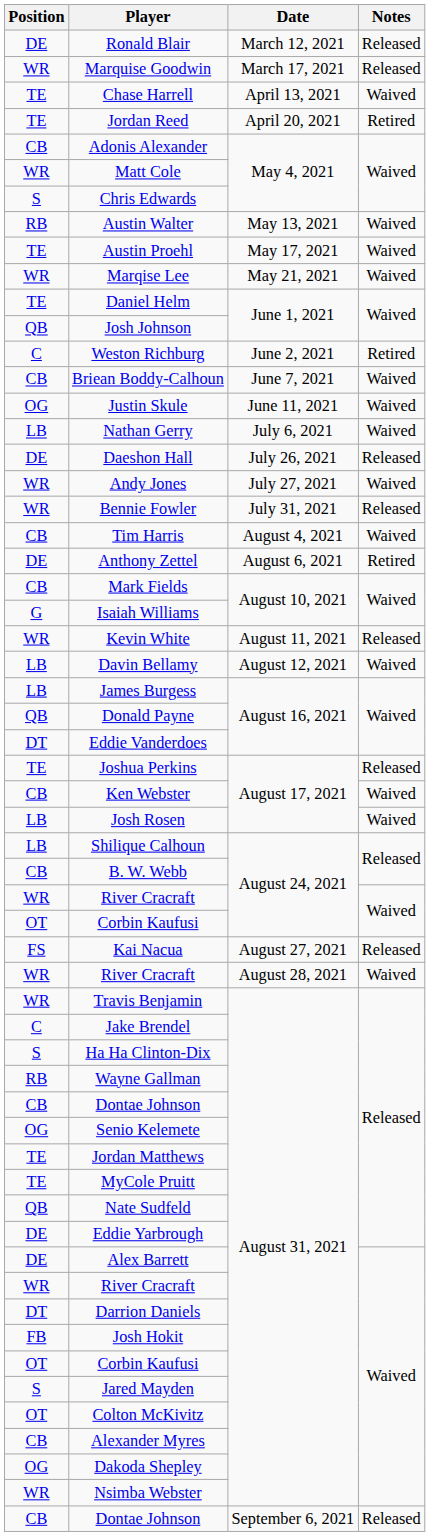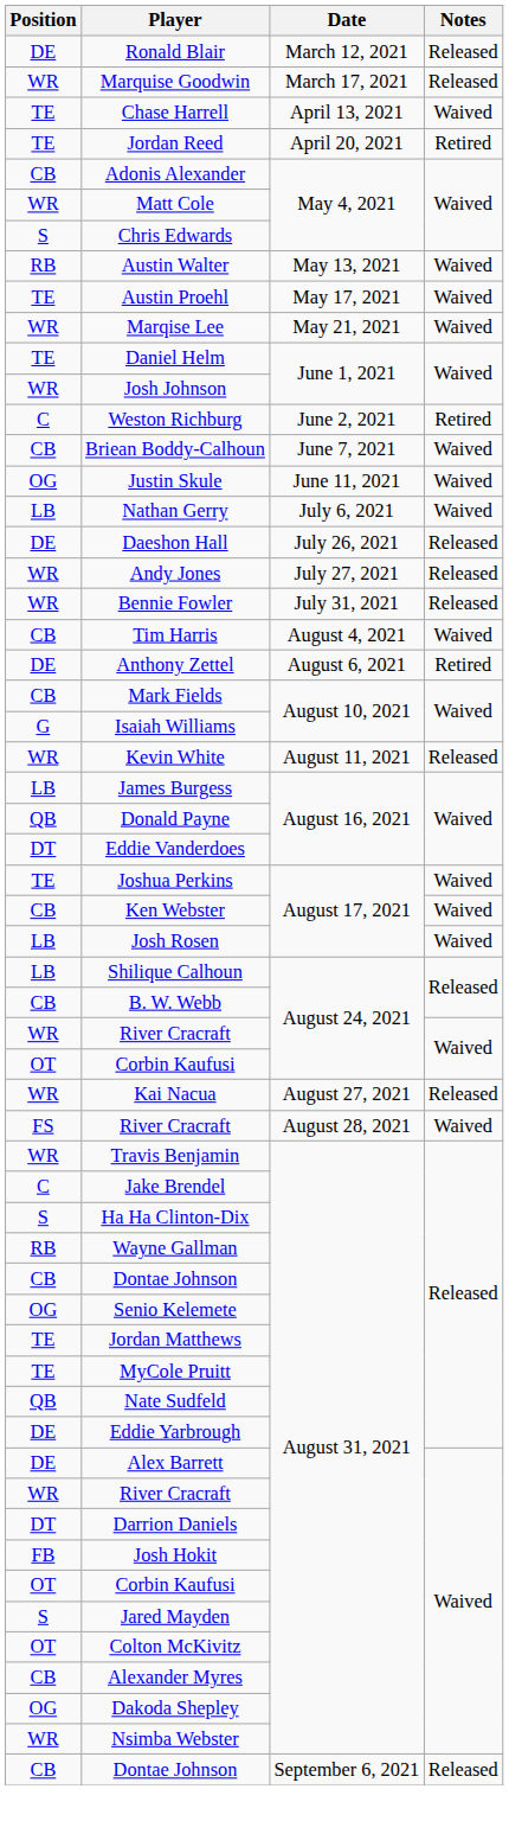 <table class="sortable wikitable" style="text-align:center">
 <tr>
 <th>Position</th>
 <th>Player</th>
 <th>Date</th>
 <th>Notes</th>
 </tr>
 <tr>
 <td><a href='#'>DE</a></td>
 <td><a href='#'>Ronald Blair</a></td>
 <td>March 12, 2021</td>
 <td>Released</td>
 </tr>
 <tr>
 <td><a href='#'>WR</a></td>
 <td><a href='#'>Marquise Goodwin</a></td>
 <td>March 17, 2021</td>
 <td>Released</td>
 </tr>
 <tr>
 <td><a href='#'>TE</a></td>
 <td><a href='#'>Chase Harrell</a></td>
 <td>April 13, 2021</td>
 <td>Waived</td>
 </tr>
 <tr>
 <td><a href='#'>TE</a></td>
 <td><a href='#'>Jordan Reed</a></td>
 <td>April 20, 2021</td>
 <td>Retired</td>
 </tr>
 <tr>
 <td><a href='#'>CB</a></td>
 <td><a href='#'>Adonis Alexander</a></td>
 <td rowspan=3>May 4, 2021</td>
 <td rowspan=3>Waived</td>
 </tr>
 <tr>
 <td><a href='#'>WR</a></td>
 <td><a href='#'>Matt Cole</a></td>
 </tr>
 <tr>
 <td><a href='#'>S</a></td>
 <td><a href='#'>Chris Edwards</a></td>
 </tr>
 <tr>
 <td><a href='#'>RB</a></td>
 <td><a href='#'>Austin Walter</a></td>
 <td>May 13, 2021</td>
 <td>Waived</td>
 </tr>
 <tr>
 <td><a href='#'>TE</a></td>
 <td><a href='#'>Austin Proehl</a></td>
 <td>May 17, 2021</td>
 <td>Waived</td>
 </tr>
 <tr>
 <td><a href='#'>WR</a></td>
 <td><a href='#'>Marqise Lee</a></td>
 <td>May 21, 2021</td>
 <td>Waived</td>
 </tr>
 <tr>
 <td><a href='#'>TE</a></td>
 <td><a href='#'>Daniel Helm</a></td>
 <td rowspan=2>June 1, 2021</td>
 <td rowspan=2>Waived</td>
 </tr>
 <tr>
-<td><a href='#'>QB</a></td>
+<td><a href='#'>WR</a></td>
 <td><a href='#'>Josh Johnson</a></td>
 </tr>
 <tr>
 <td><a href='#'>C</a></td>
 <td><a href='#'>Weston Richburg</a></td>
 <td>June 2, 2021</td>
 <td>Retired</td>
 </tr>
 <tr>
 <td><a href='#'>CB</a></td>
 <td><a href='#'>Briean Boddy-Calhoun</a></td>
 <td>June 7, 2021</td>
 <td>Waived</td>
 </tr>
 <tr>
 <td><a href='#'>OG</a></td>
 <td><a href='#'>Justin Skule</a></td>
 <td>June 11, 2021</td>
 <td>Waived</td>
 </tr>
 <tr>
 <td><a href='#'>LB</a></td>
 <td><a href='#'>Nathan Gerry</a></td>
 <td>July 6, 2021</td>
 <td>Waived</td>
 </tr>
 <tr>
 <td><a href='#'>DE</a></td>
 <td><a href='#'>Daeshon Hall</a></td>
 <td>July 26, 2021</td>
 <td>Released</td>
 </tr>
 <tr>
 <td><a href='#'>WR</a></td>
 <td><a href='#'>Andy Jones</a></td>
 <td>July 27, 2021</td>
-<td>Waived</td>
+<td>Released</td>
 </tr>
 <tr>
 <td><a href='#'>WR</a></td>
 <td><a href='#'>Bennie Fowler</a></td>
 <td>July 31, 2021</td>
 <td>Released</td>
 </tr>
 <tr>
 <td><a href='#'>CB</a></td>
 <td><a href='#'>Tim Harris</a></td>
 <td>August 4, 2021</td>
 <td>Waived</td>
 </tr>
 <tr>
 <td><a href='#'>DE</a></td>
 <td><a href='#'>Anthony Zettel</a></td>
 <td>August 6, 2021</td>
 <td>Retired</td>
 </tr>
 <tr>
 <td><a href='#'>CB</a></td>
 <td><a href='#'>Mark Fields</a></td>
 <td rowspan=2>August 10, 2021</td>
 <td rowspan=2>Waived</td>
 </tr>
 <tr>
 <td><a href='#'>G</a></td>
 <td><a href='#'>Isaiah Williams</a></td>
 </tr>
 <tr>
 <td><a href='#'>WR</a></td>
 <td><a href='#'>Kevin White</a></td>
 <td>August 11, 2021</td>
 <td>Released</td>
 </tr>
 <tr>
 <td><a href='#'>LB</a></td>
-<td><a href='#'>Davin Bellamy</a></td>
-<td>August 12, 2021</td>
-<td>Waived</td>
-</tr>
-<tr>
-<td><a href='#'>LB</a></td>
 <td><a href='#'>James Burgess</a></td>
 <td rowspan=3>August 16, 2021</td>
 <td rowspan=3>Waived</td>
 </tr>
 <tr>
 <td><a href='#'>QB</a></td>
 <td><a href='#'>Donald Payne</a></td>
 </tr>
 <tr>
 <td><a href='#'>DT</a></td>
 <td><a href='#'>Eddie Vanderdoes</a></td>
 </tr>
 <tr>
 <td><a href='#'>TE</a></td>
 <td><a href='#'>Joshua Perkins</a></td>
 <td rowspan=3>August 17, 2021</td>
-<td>Released</td>
+<td>Waived</td>
 </tr>
 <tr>
 <td><a href='#'>CB</a></td>
 <td><a href='#'>Ken Webster</a></td>
 <td>Waived</td>
 </tr>
 <tr>
 <td><a href='#'>LB</a></td>
 <td><a href='#'>Josh Rosen</a></td>
 <td>Waived</td>
 </tr>
 <tr>
 <td><a href='#'>LB</a></td>
 <td><a href='#'>Shilique Calhoun</a></td>
 <td rowspan=4>August 24, 2021</td>
 <td rowspan=2>Released</td>
 </tr>
 <tr>
 <td><a href='#'>CB</a></td>
 <td><a href='#'>B. W. Webb</a></td>
 </tr>
 <tr>
 <td><a href='#'>WR</a></td>
 <td><a href='#'>River Cracraft</a></td>
 <td rowspan=2>Waived</td>
 </tr>
 <tr>
 <td><a href='#'>OT</a></td>
 <td><a href='#'>Corbin Kaufusi</a></td>
 </tr>
 <tr>
-<td><a href='#'>FS</a></td>
+<td><a href='#'>WR</a></td>
 <td><a href='#'>Kai Nacua</a></td>
 <td>August 27, 2021</td>
 <td>Released</td>
 </tr>
 <tr>
-<td><a href='#'>WR</a></td>
+<td><a href='#'>FS</a></td>
 <td><a href='#'>River Cracraft</a></td>
 <td>August 28, 2021</td>
 <td>Waived</td>
 </tr>
 <tr>
 <td><a href='#'>WR</a></td>
 <td><a href='#'>Travis Benjamin</a></td>
 <td rowspan=20>August 31, 2021</td>
 <td rowspan=10>Released</td>
 </tr>
 <tr>
 <td><a href='#'>C</a></td>
 <td><a href='#'>Jake Brendel</a></td>
 </tr>
 <tr>
 <td><a href='#'>S</a></td>
 <td><a href='#'>Ha Ha Clinton-Dix</a></td>
 </tr>
 <tr>
 <td><a href='#'>RB</a></td>
 <td><a href='#'>Wayne Gallman</a></td>
 </tr>
 <tr>
 <td><a href='#'>CB</a></td>
 <td><a href='#'>Dontae Johnson</a></td>
 </tr>
 <tr>
 <td><a href='#'>OG</a></td>
 <td><a href='#'>Senio Kelemete</a></td>
 </tr>
 <tr>
 <td><a href='#'>TE</a></td>
 <td><a href='#'>Jordan Matthews</a></td>
 </tr>
 <tr>
 <td><a href='#'>TE</a></td>
 <td><a href='#'>MyCole Pruitt</a></td>
 </tr>
 <tr>
 <td><a href='#'>QB</a></td>
 <td><a href='#'>Nate Sudfeld</a></td>
 </tr>
 <tr>
 <td><a href='#'>DE</a></td>
 <td><a href='#'>Eddie Yarbrough</a></td>
 </tr>
 <tr>
 <td><a href='#'>DE</a></td>
 <td><a href='#'>Alex Barrett</a></td>
 <td rowspan=10>Waived</td>
 </tr>
 <tr>
 <td><a href='#'>WR</a></td>
 <td><a href='#'>River Cracraft</a></td>
 </tr>
 <tr>
 <td><a href='#'>DT</a></td>
 <td><a href='#'>Darrion Daniels</a></td>
 </tr>
 <tr>
 <td><a href='#'>FB</a></td>
 <td><a href='#'>Josh Hokit</a></td>
 </tr>
 <tr>
 <td><a href='#'>OT</a></td>
 <td><a href='#'>Corbin Kaufusi</a></td>
 </tr>
 <tr>
 <td><a href='#'>S</a></td>
 <td><a href='#'>Jared Mayden</a></td>
 </tr>
 <tr>
 <td><a href='#'>OT</a></td>
 <td><a href='#'>Colton McKivitz</a></td>
 </tr>
 <tr>
 <td><a href='#'>CB</a></td>
 <td><a href='#'>Alexander Myres</a></td>
 </tr>
 <tr>
 <td><a href='#'>OG</a></td>
 <td><a href='#'>Dakoda Shepley</a></td>
 </tr>
 <tr>
 <td><a href='#'>WR</a></td>
 <td><a href='#'>Nsimba Webster</a></td>
 </tr>
 <tr>
 <td><a href='#'>CB</a></td>
 <td><a href='#'>Dontae Johnson</a></td>
 <td>September 6, 2021</td>
 <td>Released</td>
 </tr>
 </table>
